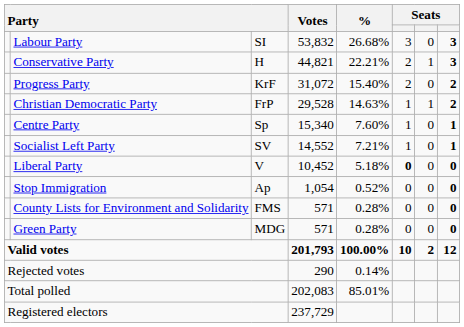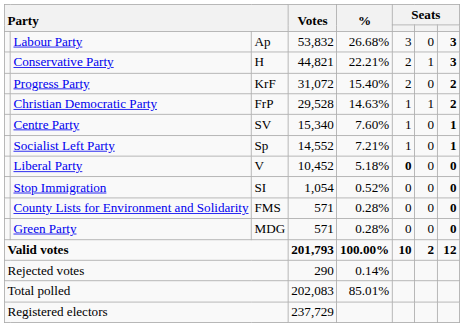 <table class="wikitable" border="1" style="text-align:right;">
 <tr>
 <th style="text-align:left;" valign=bottom rowspan=2 colspan=3>Party</th>
 <th align=center valign=bottom rowspan=2 width="50">Votes</th>
 <th align=center valign=bottom rowspan=2 width="50">%</th>
 <th colspan=3>Seats</th>
 </tr>
 <tr>
 <th align=center valign=bottom width="20"><small></small></th>
 <th align=center valign=bottom width="20"><small><a href='#'></a></small></th>
 <th align=center valign=bottom width="20"><small></small></th>
 </tr>
 <tr>
 <td style="color:inherit;background:"></td>
 <td align=left><a href='#'>Labour Party</a></td>
-<td align=left>SI</td>
+<td align=left>Ap</td>
 <td>53,832</td>
 <td>26.68%</td>
 <td>3</td>
 <td>0</td>
 <td><strong>3</strong></td>
 </tr>
 <tr>
 <td style="color:inherit;background:"></td>
 <td align=left><a href='#'>Conservative Party</a></td>
 <td align=left>H</td>
 <td>44,821</td>
 <td>22.21%</td>
 <td>2</td>
 <td>1</td>
 <td><strong>3</strong></td>
 </tr>
 <tr>
 <td style="color:inherit;background:"></td>
 <td align=left><a href='#'>Progress Party</a></td>
 <td align=left>KrF</td>
 <td>31,072</td>
 <td>15.40%</td>
 <td>2</td>
 <td>0</td>
 <td><strong>2</strong></td>
 </tr>
 <tr>
 <td style="color:inherit;background:"></td>
 <td align=left><a href='#'>Christian Democratic Party</a></td>
 <td align=left>FrP</td>
 <td>29,528</td>
 <td>14.63%</td>
 <td>1</td>
 <td>1</td>
 <td><strong>2</strong></td>
 </tr>
 <tr>
 <td style="color:inherit;background:"></td>
 <td align=left><a href='#'>Centre Party</a></td>
-<td align=left>Sp</td>
+<td align=left>SV</td>
 <td>15,340</td>
 <td>7.60%</td>
 <td>1</td>
 <td>0</td>
 <td><strong>1</strong></td>
 </tr>
 <tr>
 <td style="color:inherit;background:"></td>
 <td align=left><a href='#'>Socialist Left Party</a></td>
-<td align=left>SV</td>
+<td align=left>Sp</td>
 <td>14,552</td>
 <td>7.21%</td>
 <td>1</td>
 <td>0</td>
 <td><strong>1</strong></td>
 </tr>
 <tr>
 <td style="color:inherit;background:"></td>
 <td align=left><a href='#'>Liberal Party</a></td>
 <td align=left>V</td>
 <td>10,452</td>
 <td>5.18%</td>
 <td><strong>0</strong></td>
 <td>0</td>
 <td><strong>0</strong></td>
 </tr>
 <tr>
 <td style="color:inherit;background:"></td>
 <td align=left><a href='#'>Stop Immigration</a></td>
-<td align=left>Ap</td>
+<td align=left>SI</td>
 <td>1,054</td>
 <td>0.52%</td>
 <td>0</td>
 <td>0</td>
 <td><strong>0</strong></td>
 </tr>
 <tr>
 <td></td>
 <td align=left><a href='#'>County Lists for Environment and Solidarity</a></td>
 <td align=left>FMS</td>
 <td>571</td>
 <td>0.28%</td>
 <td>0</td>
 <td>0</td>
 <td><strong>0</strong></td>
 </tr>
 <tr>
 <td style="color:inherit;background:"></td>
 <td align=left><a href='#'>Green Party</a></td>
 <td align=left>MDG</td>
 <td>571</td>
 <td>0.28%</td>
 <td>0</td>
 <td>0</td>
 <td><strong>0</strong></td>
 </tr>
 <tr style="font-weight:bold">
 <td align=left colspan=3>Valid votes</td>
 <td>201,793</td>
 <td>100.00%</td>
 <td>10</td>
 <td>2</td>
 <td>12</td>
 </tr>
 <tr>
 <td align=left colspan=3>Rejected votes</td>
 <td>290</td>
 <td>0.14%</td>
 <td></td>
 <td></td>
 <td></td>
 </tr>
 <tr>
 <td align=left colspan=3>Total polled</td>
 <td>202,083</td>
 <td>85.01%</td>
 <td></td>
 <td></td>
 <td></td>
 </tr>
 <tr>
 <td align=left colspan=3>Registered electors</td>
 <td>237,729</td>
 <td></td>
 <td></td>
 <td></td>
 <td></td>
 </tr>
 </table>
